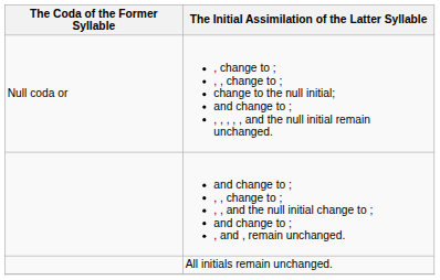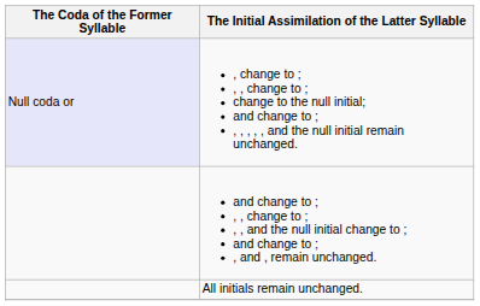 <table class="wikitable">
 <tr>
 <th bgcolor="#ABCDEF">The Coda of the Former Syllable</th>
 <th bgcolor="#ABCDEF">The Initial Assimilation of the Latter Syllable</th>
 </tr>
 <tr>
-<td>Null coda or </td>
+<td style="background: lavender;">Null coda or </td>
 <td><br><ul><li>,  change to ;</li><li>, ,  change to ;</li><li> change to the null initial;</li><li> and  change to ;</li><li>, , , , ,  and the null initial remain unchanged.</li></ul></td>
 </tr>
 <tr>
 <td></td>
 <td><br><ul><li> and  change to ;</li><li>, ,  change to ;</li><li>, ,  and the null initial change to ;</li><li> and  change to ;</li><li>,  and ,  remain unchanged.</li></ul></td>
 </tr>
 <tr>
 <td></td>
 <td>All initials remain unchanged.</td>
 </tr>
 <tr>
 </tr>
 </table>
